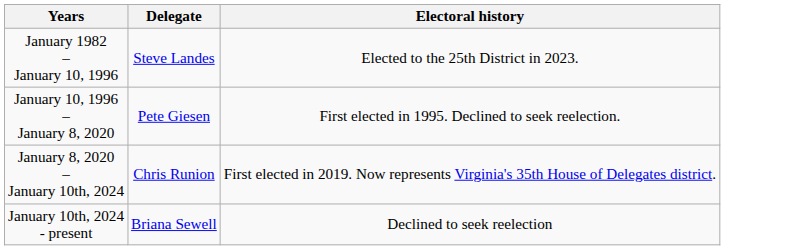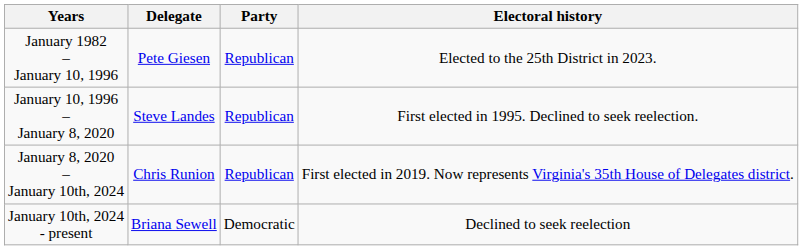 <table class=wikitable style="text-align:center">
 <tr valign=bottom>
 <th>Years</th>
 <th>Delegate</th>
+<th>Party</th>
 <th>Electoral history</th>
 </tr>
 <tr>
 <td nowrap><span>January 1982</span><br>–<br><span>January 10, 1996</span></td>
-<td><a href='#'>Steve Landes</a></td>
+<td><a href='#'>Pete Giesen</a></td>
+<td><a href='#'>Republican</a></td>
 <td>Elected to the 25th District in 2023.</td>
 </tr>
 <tr>
 <td nowrap><span>January 10, 1996</span><br>–<br><span>January 8, 2020</span></td>
-<td><a href='#'>Pete Giesen</a></td>
+<td><a href='#'>Steve Landes</a></td>
+<td><a href='#'>Republican</a></td>
 <td>First elected in 1995. Declined to seek reelection.</td>
 </tr>
 <tr>
 <td nowrap><span>January 8, 2020</span><br>–<br>January 10th, 2024</td>
 <td><a href='#'>Chris Runion</a></td>
+<td><a href='#'>Republican</a></td>
 <td>First elected in 2019. Now represents <a href='#'>Virginia's 35th House of Delegates district</a>.</td>
 </tr>
 <tr>
 <td>January 10th, 2024<br>- present</td>
 <td><a href='#'>Briana Sewell</a></td>
+<td>Democratic</td>
 <td>Declined to seek reelection</td>
 </tr>
 </table>
